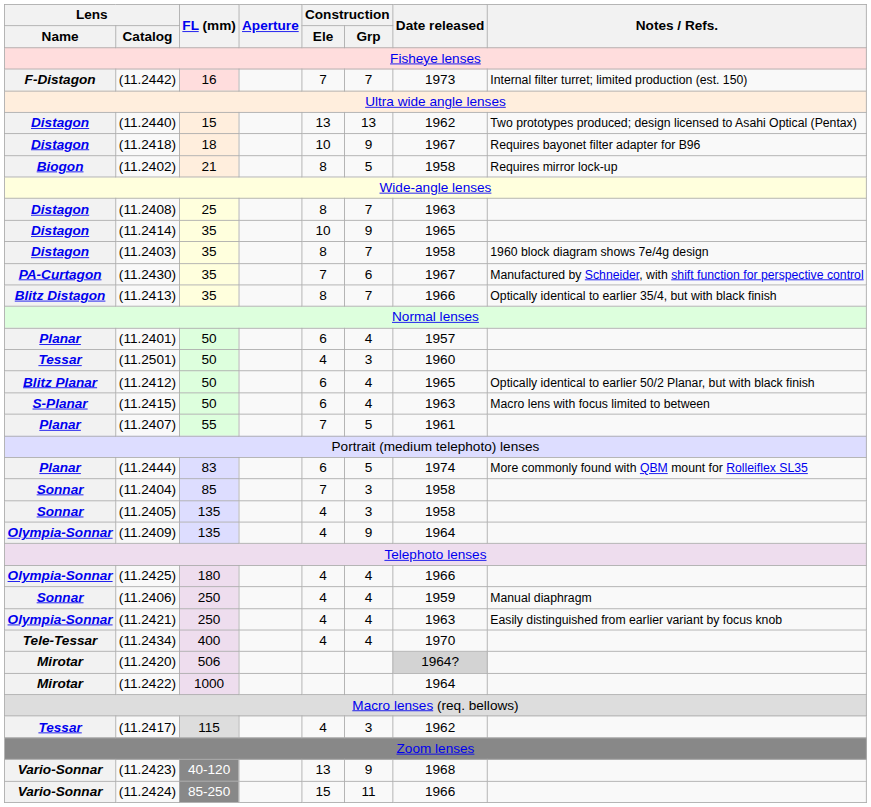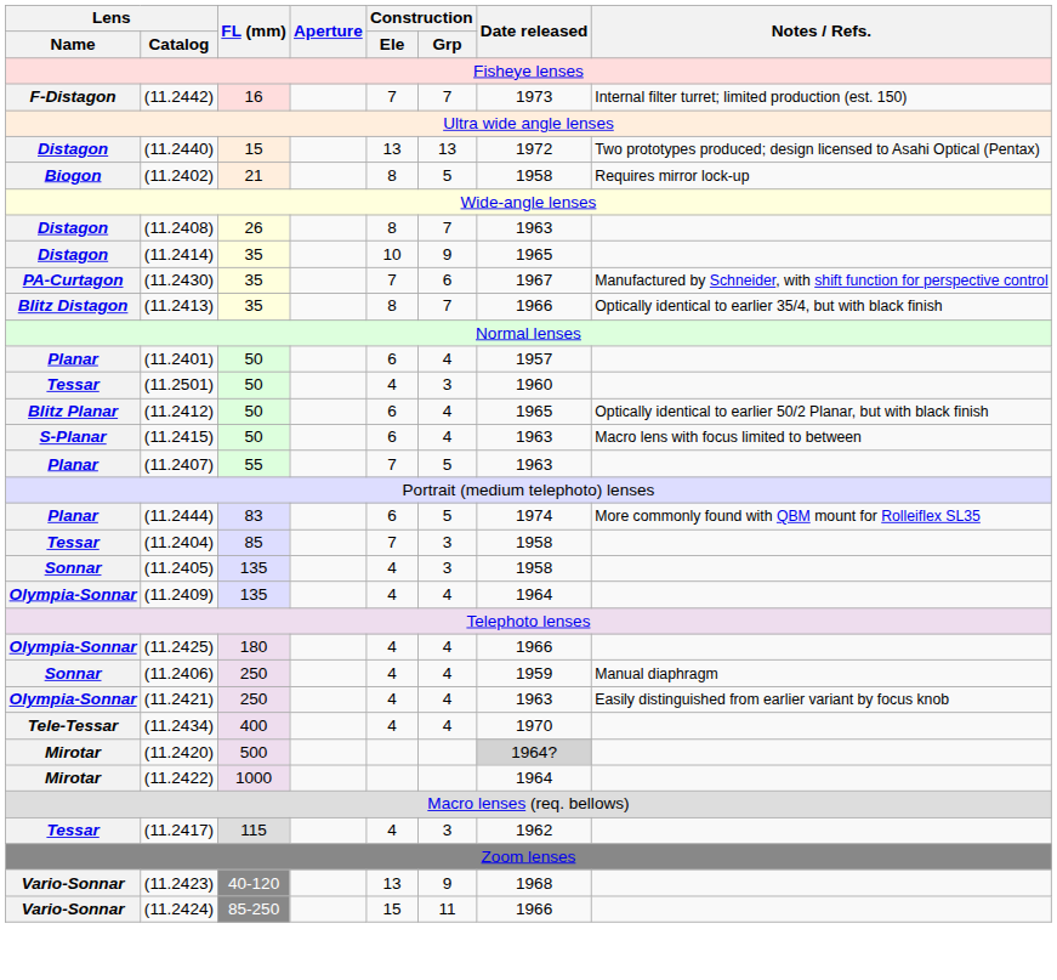 <table class="wikitable sortable mw-collapsible" style="font-size:100%;text-align:center;">
 <tr>
 <th colspan=2>Lens</th>
 <th rowspan=2><a href='#'>FL</a> (mm)</th>
 <th rowspan=2><a href='#'>Aperture</a></th>
 <th colspan=2>Construction</th>
 <th rowspan=2>Date released</th>
 <th rowspan=2 class="unsortable">Notes / Refs.</th>
 </tr>
 <tr>
 <th>Name</th>
 <th>Catalog</th>
 <th>Ele</th>
 <th>Grp</th>
 </tr>
 <tr>
 <td colspan=8 style="background:#fdd;" data-sort-value="zzza"><a href='#'>Fisheye lenses</a></td>
 </tr>
 <tr>
 <th><em>F-Distagon</em></th>
 <td>(11.2442)</td>
 <td style="background:#fdd;">16</td>
 <td></td>
 <td>7</td>
 <td>7</td>
 <td>1973</td>
 <td style="text-align:left;font-size:90%;">Internal filter turret; limited production (est. 150)</td>
 </tr>
 <tr>
 <td colspan=8 style="background:#fed;" data-sort-value="zzzb"><a href='#'>Ultra wide angle lenses</a></td>
 </tr>
 <tr>
 <th><a href='#'><em>Distagon</em></a></th>
 <td>(11.2440)</td>
 <td style="background:#fed;">15</td>
 <td></td>
 <td>13</td>
 <td>13</td>
-<td>1962</td>
+<td>1972</td>
 <td style="text-align:left;font-size:90%;">Two prototypes produced; design licensed to Asahi Optical (Pentax)</td>
-</tr>
-<tr>
-<th><a href='#'><em>Distagon</em></a></th>
-<td>(11.2418)</td>
-<td style="background:#fed;">18</td>
-<td></td>
-<td>10</td>
-<td>9</td>
-<td>1967</td>
-<td style="text-align:left;font-size:90%;">Requires bayonet filter adapter for B96</td>
 </tr>
 <tr>
 <th><a href='#'><em>Biogon</em></a></th>
 <td>(11.2402)</td>
 <td style="background:#fed;">21</td>
 <td></td>
 <td>8</td>
 <td>5</td>
 <td>1958</td>
 <td style="text-align:left;font-size:90%;">Requires mirror lock-up</td>
 </tr>
 <tr>
 <td colspan=8 style="background:#ffd;" data-sort-value="zzzc"><a href='#'>Wide-angle lenses</a></td>
 </tr>
 <tr>
 <th><a href='#'><em>Distagon</em></a></th>
 <td>(11.2408)</td>
-<td style="background:#ffd;">25</td>
+<td style="background:#ffd;">26</td>
 <td></td>
 <td>8</td>
 <td>7</td>
 <td>1963</td>
 <td></td>
 </tr>
 <tr>
 <th><a href='#'><em>Distagon</em></a></th>
 <td>(11.2414)</td>
 <td style="background:#ffd;">35</td>
 <td></td>
 <td>10</td>
 <td>9</td>
 <td>1965</td>
 <td></td>
-</tr>
-<tr>
-<th><a href='#'><em>Distagon</em></a></th>
-<td>(11.2403)</td>
-<td style="background:#ffd;">35</td>
-<td></td>
-<td>8</td>
-<td>7</td>
-<td>1958</td>
-<td style="text-align:left;font-size:90%;">1960 block diagram shows 7e/4g design</td>
 </tr>
 <tr>
 <th><a href='#'><em>PA-Curtagon</em></a></th>
 <td>(11.2430)</td>
 <td style="background:#ffd;">35</td>
 <td></td>
 <td>7</td>
 <td>6</td>
 <td>1967</td>
 <td style="text-align:left;font-size:90%;">Manufactured by <a href='#'>Schneider</a>, with <a href='#'>shift function for perspective control</a></td>
 </tr>
 <tr>
 <th><a href='#'><em>Blitz Distagon</em></a></th>
 <td>(11.2413)</td>
 <td style="background:#ffd;">35</td>
 <td></td>
 <td>8</td>
 <td>7</td>
 <td>1966</td>
 <td style="text-align:left;font-size:90%;">Optically identical to earlier 35/4, but with black finish</td>
 </tr>
 <tr>
 <td colspan=8 style="background:#dfd;" data-sort-value="zzzd"><a href='#'>Normal lenses</a></td>
 </tr>
 <tr>
 <th><a href='#'><em>Planar</em></a></th>
 <td>(11.2401)</td>
 <td style="background:#dfd;">50</td>
 <td></td>
 <td>6</td>
 <td>4</td>
 <td>1957</td>
 <td></td>
 </tr>
 <tr>
 <th><a href='#'><em>Tessar</em></a></th>
 <td>(11.2501)</td>
 <td style="background:#dfd;">50</td>
 <td></td>
 <td>4</td>
 <td>3</td>
 <td>1960</td>
 <td></td>
 </tr>
 <tr>
 <th><a href='#'><em>Blitz Planar</em></a></th>
 <td>(11.2412)</td>
 <td style="background:#dfd;">50</td>
 <td></td>
 <td>6</td>
 <td>4</td>
 <td>1965</td>
 <td style="text-align:left;font-size:90%;">Optically identical to earlier 50/2 Planar, but with black finish</td>
 </tr>
 <tr>
 <th><a href='#'><em>S-Planar</em></a></th>
 <td>(11.2415)</td>
 <td style="background:#dfd;">50</td>
 <td></td>
 <td>6</td>
 <td>4</td>
 <td>1963</td>
 <td style="text-align:left;font-size:90%;">Macro lens with focus limited to between </td>
 </tr>
 <tr>
 <th><a href='#'><em>Planar</em></a></th>
 <td>(11.2407)</td>
 <td style="background:#dfd;">55</td>
 <td></td>
 <td>7</td>
 <td>5</td>
-<td>1961</td>
+<td>1963</td>
 <td></td>
 </tr>
 <tr>
 <td colspan=8 style="background:#ddf;" data-sort-value="zzze">Portrait (medium telephoto) lenses</td>
 </tr>
 <tr>
 <th><a href='#'><em>Planar</em></a></th>
 <td>(11.2444)</td>
 <td style="background:#ddf;">83</td>
 <td></td>
 <td>6</td>
 <td>5</td>
 <td>1974</td>
 <td style="text-align:left;font-size:90%;">More commonly found with <a href='#'>QBM</a> mount for <a href='#'>Rolleiflex SL35</a></td>
 </tr>
 <tr>
-<th><a href='#'><em>Sonnar</em></a></th>
+<th><a href='#'><em>Tessar</em></a></th>
 <td>(11.2404)</td>
 <td style="background:#ddf;">85</td>
 <td></td>
 <td>7</td>
 <td>3</td>
 <td>1958</td>
 <td></td>
 </tr>
 <tr>
 <th><a href='#'><em>Sonnar</em></a></th>
 <td>(11.2405)</td>
 <td style="background:#ddf;">135</td>
 <td></td>
 <td>4</td>
 <td>3</td>
 <td>1958</td>
 <td></td>
 </tr>
 <tr>
 <th><a href='#'><em>Olympia-Sonnar</em></a></th>
 <td>(11.2409)</td>
 <td style="background:#ddf;">135</td>
 <td></td>
 <td>4</td>
-<td>9</td>
+<td>4</td>
 <td>1964</td>
 <td></td>
 </tr>
 <tr>
 <td colspan=8 style="background:#ede;" data-sort-value="zzzf"><a href='#'>Telephoto lenses</a></td>
 </tr>
 <tr>
 <th><a href='#'><em>Olympia-Sonnar</em></a></th>
 <td>(11.2425)</td>
 <td style="background:#ede;">180</td>
 <td></td>
 <td>4</td>
 <td>4</td>
 <td>1966</td>
 <td></td>
 </tr>
 <tr>
 <th><a href='#'><em>Sonnar</em></a></th>
 <td>(11.2406)</td>
 <td style="background:#ede;">250</td>
 <td></td>
 <td>4</td>
 <td>4</td>
 <td>1959</td>
 <td style="text-align:left;font-size:90%;">Manual diaphragm</td>
 </tr>
 <tr>
 <th><a href='#'><em>Olympia-Sonnar</em></a></th>
 <td>(11.2421)</td>
 <td style="background:#ede;">250</td>
 <td></td>
 <td>4</td>
 <td>4</td>
 <td>1963</td>
 <td style="text-align:left;font-size:90%;">Easily distinguished from earlier variant by focus knob</td>
 </tr>
 <tr>
 <th><em>Tele-Tessar</em></th>
 <td>(11.2434)</td>
 <td style="background:#ede;">400</td>
 <td></td>
 <td>4</td>
 <td>4</td>
 <td>1970</td>
 <td></td>
 </tr>
 <tr>
 <th><em>Mirotar</em></th>
 <td>(11.2420)</td>
-<td style="background:#ede;">506</td>
+<td style="background:#ede;">500</td>
 <td></td>
 <td></td>
 <td></td>
 <td style="background: lightgrey;">1964?</td>
 <td></td>
 </tr>
 <tr>
 <th><em>Mirotar</em></th>
 <td>(11.2422)</td>
 <td style="background:#ede;">1000</td>
 <td></td>
 <td></td>
 <td></td>
 <td>1964</td>
 <td></td>
 </tr>
 <tr>
 <td colspan=8 style="background:#ddd;" data-sort-value="zzzg"><a href='#'>Macro lenses</a> (req. bellows)</td>
 </tr>
 <tr>
 <th><a href='#'><em>Tessar</em></a></th>
 <td>(11.2417)</td>
 <td style="background:#ddd;">115</td>
 <td></td>
 <td>4</td>
 <td>3</td>
 <td>1962</td>
 <td></td>
 </tr>
 <tr>
 <td colspan=8 style="background:#888;color:#fff;" data-sort-value="zzzh"><a href='#'>Zoom lenses</a></td>
 </tr>
 <tr>
 <th><em>Vario-Sonnar</em></th>
 <td>(11.2423)</td>
 <td style="background:#888;color:#fff;">40-120</td>
 <td></td>
 <td>13</td>
 <td>9</td>
 <td>1968</td>
 <td></td>
 </tr>
 <tr>
 <th><em>Vario-Sonnar</em></th>
 <td>(11.2424)</td>
 <td style="background:#888;color:#fff;">85-250</td>
 <td></td>
 <td>15</td>
 <td>11</td>
 <td>1966</td>
 <td></td>
 </tr>
 </table>
